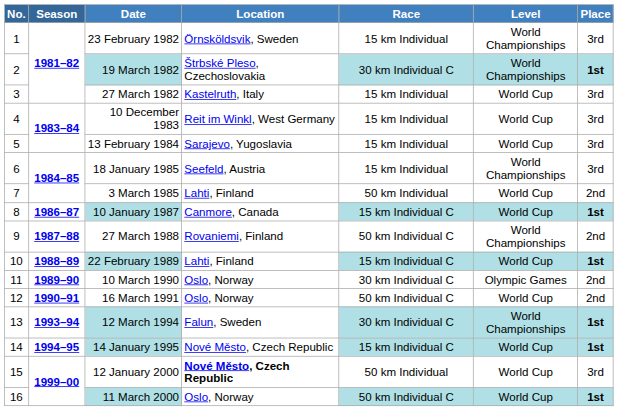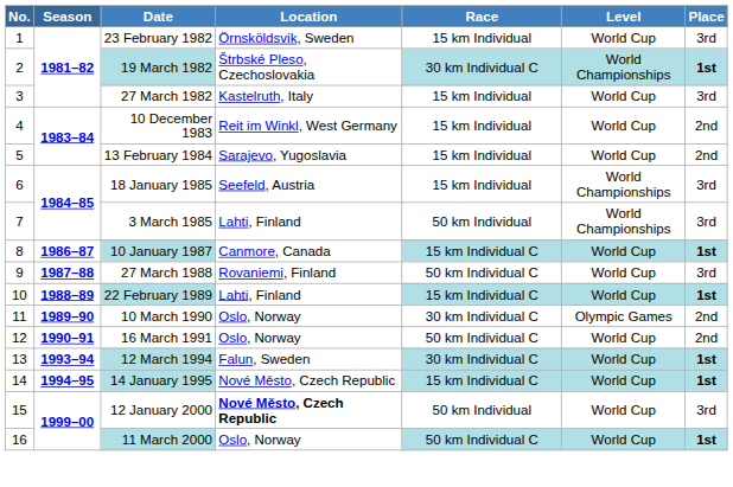 <table class="wikitable sortable" style="font-size:95%; text-align:center; border:grey solid 1px; border-collapse:collapse; background:#ffffff;">
 <tr style="background:#efefef;">
 <th style="background-color:#369; color:white;">No.</th>
 <th style="background-color:#369; color:white;">Season</th>
 <th style="background-color:#4180be; color:white; width:120px;">Date</th>
 <th style="background-color:#4180be; color:white; width:200px;">Location</th>
 <th style="background-color:#4180be; color:white; width:170px;">Race</th>
 <th style="background-color:#4180be; color:white; width:130px;">Level</th>
 <th style="background-color:#4180be; color:white;">Place</th>
 </tr>
 <tr>
 <td align=center>1</td>
 <td rowspan=3 align=center><strong> <a href='#'>1981–82</a> </strong></td>
 <td align=right>23 February 1982</td>
 <td align=left> <a href='#'>Örnsköldsvik</a>, Sweden</td>
 <td>15 km Individual</td>
-<td>World Championships</td>
+<td>World Cup</td>
 <td>3rd</td>
 </tr>
 <tr>
 <td align=center>2</td>
 <td bgcolor="#BOEOE6" align=right>19 March 1982</td>
 <td align=left> <a href='#'>Štrbské Pleso</a>, Czechoslovakia</td>
 <td bgcolor="#BOEOE6">30 km Individual C</td>
 <td bgcolor="#BOEOE6">World Championships</td>
 <td bgcolor="#BOEOE6"><strong>1st</strong></td>
 </tr>
 <tr>
 <td align=center>3</td>
 <td align=right>27 March 1982</td>
 <td align=left> <a href='#'>Kastelruth</a>, Italy</td>
 <td>15 km Individual</td>
 <td>World Cup</td>
 <td>3rd</td>
 </tr>
 <tr>
 <td align=center>4</td>
 <td rowspan=2 align=center><strong> <a href='#'>1983–84</a> </strong></td>
 <td align=right>10 December 1983</td>
 <td align=left> <a href='#'>Reit im Winkl</a>, West Germany</td>
 <td>15 km Individual</td>
 <td>World Cup</td>
-<td>3rd</td>
+<td>2nd</td>
 </tr>
 <tr>
 <td align=center>5</td>
 <td align=right>13 February 1984</td>
 <td align=left> <a href='#'>Sarajevo</a>, Yugoslavia</td>
 <td>15 km Individual</td>
 <td>World Cup</td>
-<td>3rd</td>
+<td>2nd</td>
 </tr>
 <tr>
 <td align=center>6</td>
 <td rowspan=2 align=center><strong> <a href='#'>1984–85</a> </strong></td>
 <td align=right>18 January 1985</td>
 <td align=left> <a href='#'>Seefeld</a>, Austria</td>
 <td>15 km Individual</td>
 <td>World Championships</td>
 <td>3rd</td>
 </tr>
 <tr>
 <td align=center>7</td>
 <td align=right>3 March 1985</td>
 <td align=left> <a href='#'>Lahti</a>, Finland</td>
 <td>50 km Individual</td>
-<td>World Cup</td>
-<td>2nd</td>
+<td>World Championships</td>
+<td>3rd</td>
 </tr>
 <tr>
 <td align=center>8</td>
 <td rowspan=1 align=center><strong><a href='#'>1986–87</a></strong></td>
 <td bgcolor="#BOEOE6" align=right>10 January 1987</td>
 <td align=left> <a href='#'>Canmore</a>, Canada</td>
 <td bgcolor="#BOEOE6">15 km Individual C</td>
 <td bgcolor="#BOEOE6">World Cup</td>
 <td bgcolor="#BOEOE6"><strong>1st</strong></td>
 </tr>
 <tr>
 <td align=center>9</td>
 <td rowspan=1 align=center><strong> <a href='#'>1987–88</a> </strong></td>
 <td align=right>27 March 1988</td>
 <td align=left> <a href='#'>Rovaniemi</a>, Finland</td>
 <td>50 km Individual C</td>
-<td>World Championships</td>
-<td>2nd</td>
+<td>World Cup</td>
+<td>3rd</td>
 </tr>
 <tr>
 <td align=center>10</td>
 <td rowspan=1 align=center><strong><a href='#'>1988–89</a></strong></td>
 <td bgcolor="#BOEOE6" align=right>22 February 1989</td>
 <td align=left> <a href='#'>Lahti</a>, Finland</td>
 <td bgcolor="#BOEOE6">15 km Individual C</td>
 <td bgcolor="#BOEOE6">World Cup</td>
 <td bgcolor="#BOEOE6"><strong>1st</strong></td>
 </tr>
 <tr>
 <td align=center>11</td>
 <td rowspan=1 align=center><strong> <a href='#'>1989–90</a> </strong></td>
 <td align=right>10 March 1990</td>
 <td align=left> <a href='#'>Oslo</a>, Norway</td>
 <td>30 km Individual C</td>
 <td>Olympic Games</td>
 <td>2nd</td>
 </tr>
 <tr>
 <td align=center>12</td>
 <td rowspan=1 align=center><strong> <a href='#'>1990–91</a> </strong></td>
 <td align=right>16 March 1991</td>
 <td align=left> <a href='#'>Oslo</a>, Norway</td>
 <td>50 km Individual C</td>
 <td>World Cup</td>
 <td>2nd</td>
 </tr>
 <tr>
 <td align=center>13</td>
 <td rowspan=1 align=center><strong><a href='#'>1993–94</a></strong></td>
 <td bgcolor="#BOEOE6" align=right>12 March 1994</td>
 <td align=left> <a href='#'>Falun</a>, Sweden</td>
 <td bgcolor="#BOEOE6">30 km Individual C</td>
-<td bgcolor="#BOEOE6">World Championships</td>
+<td bgcolor="#BOEOE6">World Cup</td>
 <td bgcolor="#BOEOE6"><strong>1st</strong></td>
 </tr>
 <tr>
 <td align=center>14</td>
 <td rowspan=1 align=center><strong><a href='#'>1994–95</a></strong></td>
 <td bgcolor="#BOEOE6" align=right>14 January 1995</td>
 <td align=left> <a href='#'>Nové Město</a>, Czech Republic</td>
 <td bgcolor="#BOEOE6">15 km Individual C</td>
 <td bgcolor="#BOEOE6">World Cup</td>
 <td bgcolor="#BOEOE6"><strong>1st</strong></td>
 </tr>
 <tr>
 <td align=center>15</td>
 <td rowspan=2 align=center><strong> <a href='#'>1999–00</a> </strong></td>
 <td align=right>12 January 2000</td>
 <td align=left><strong> <a href='#'>Nové Město</a>, Czech Republic</strong></td>
 <td>50 km Individual</td>
 <td>World Cup</td>
 <td>3rd</td>
 </tr>
 <tr>
 <td align=center>16</td>
 <td bgcolor="#BOEOE6" align=right>11 March 2000</td>
 <td align=left> <a href='#'>Oslo</a>, Norway</td>
 <td bgcolor="#BOEOE6">50 km Individual C</td>
 <td bgcolor="#BOEOE6">World Cup</td>
 <td bgcolor="#BOEOE6"><strong>1st</strong></td>
 </tr>
 </table>
